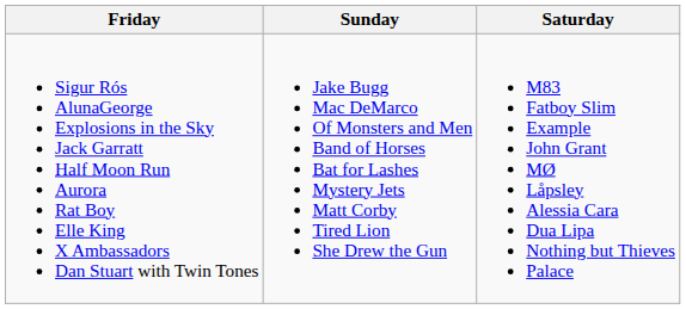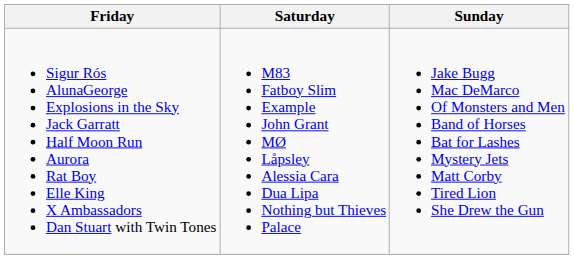 <table class="wikitable">
 <tr>
 <th>Friday</th>
+<th>Saturday</th>
 <th>Sunday</th>
-<th>Saturday</th>
 </tr>
 <tr valign="top">
 <td><br><ul><li><a href='#'>Sigur Rós</a></li><li><a href='#'>AlunaGeorge</a></li><li><a href='#'>Explosions in the Sky</a></li><li><a href='#'>Jack Garratt</a></li><li><a href='#'>Half Moon Run</a></li><li><a href='#'>Aurora</a></li><li><a href='#'>Rat Boy</a></li><li><a href='#'>Elle King</a></li><li><a href='#'>X Ambassadors</a></li><li><a href='#'>Dan Stuart</a> with Twin Tones</li></ul></td>
+<td><br><ul><li><a href='#'>M83</a></li><li><a href='#'>Fatboy Slim</a></li><li><a href='#'>Example</a></li><li><a href='#'>John Grant</a></li><li><a href='#'>MØ</a></li><li><a href='#'>Låpsley</a></li><li><a href='#'>Alessia Cara</a></li><li><a href='#'>Dua Lipa</a></li><li><a href='#'>Nothing but Thieves</a></li><li><a href='#'>Palace</a></li></ul></td>
 <td><br><ul><li><a href='#'>Jake Bugg</a></li><li><a href='#'>Mac DeMarco</a></li><li><a href='#'>Of Monsters and Men</a></li><li><a href='#'>Band of Horses</a></li><li><a href='#'>Bat for Lashes</a></li><li><a href='#'>Mystery Jets</a></li><li><a href='#'>Matt Corby</a></li><li><a href='#'>Tired Lion</a></li><li><a href='#'>She Drew the Gun</a></li></ul></td>
-<td><br><ul><li><a href='#'>M83</a></li><li><a href='#'>Fatboy Slim</a></li><li><a href='#'>Example</a></li><li><a href='#'>John Grant</a></li><li><a href='#'>MØ</a></li><li><a href='#'>Låpsley</a></li><li><a href='#'>Alessia Cara</a></li><li><a href='#'>Dua Lipa</a></li><li><a href='#'>Nothing but Thieves</a></li><li><a href='#'>Palace</a></li></ul></td>
 </tr>
 </table>
